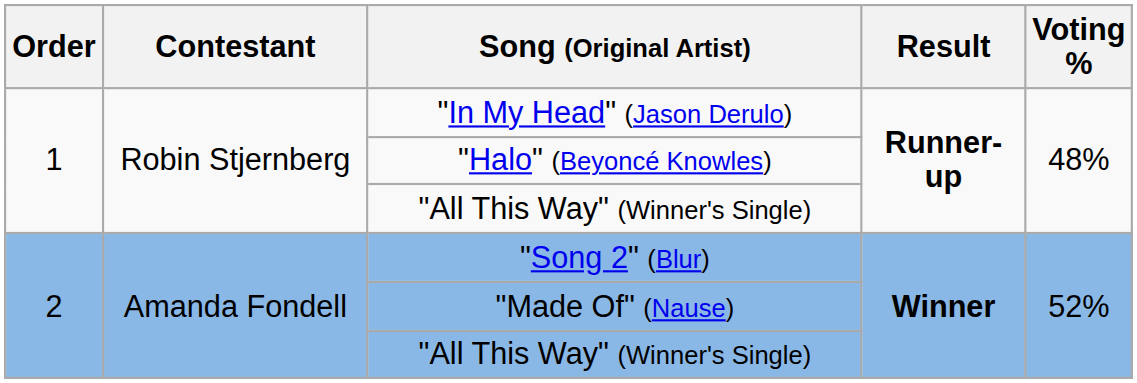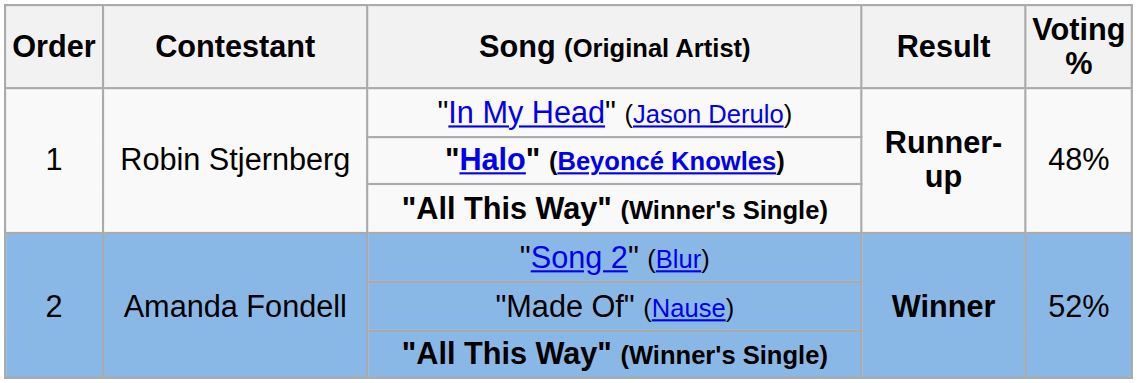 <table class="wikitable" style="font-size:90%; width:60%; text-align: center;">
 <tr>
 <th style="width:05%;">Order</th>
 <th style="width:25%;">Contestant</th>
 <th style="width:50%;">Song <small>(Original Artist)</small></th>
 <th style="width:15%;">Result</th>
 <th style="width:10%;">Voting %</th>
 </tr>
 <tr>
 <td rowspan=3 style="text-align:center;">1</td>
 <td rowspan=3>Robin Stjernberg</td>
 <td>"<a href='#'>In My Head</a>" <small>(<a href='#'>Jason Derulo</a>)</small></td>
 <td rowspan=3><strong>Runner-up</strong></td>
 <td rowspan=3>48%</td>
 </tr>
 <tr>
-<td>"<a href='#'>Halo</a>" <small>(<a href='#'>Beyoncé Knowles</a>)</small></td>
+<td><strong>"<a href='#'>Halo</a>" <small>(<a href='#'>Beyoncé Knowles</a>)</small></strong></td>
 </tr>
 <tr>
-<td>"All This Way" <small>(Winner's Single)</small></td>
+<td><strong>"All This Way" <small>(Winner's Single)</small></strong></td>
 </tr>
 <tr style="background:#8ab8e6;">
 <td rowspan=3 style="text-align:center;">2</td>
 <td rowspan=3>Amanda Fondell</td>
 <td>"<a href='#'>Song 2</a>" <small>(<a href='#'>Blur</a>)</small></td>
 <td rowspan=3><strong>Winner</strong></td>
 <td rowspan=3>52%</td>
 </tr>
 <tr style="background:#8ab8e6;">
 <td>"Made Of" <small>(<a href='#'>Nause</a>)</small></td>
 </tr>
 <tr style="background:#8ab8e6;">
-<td>"All This Way" <small>(Winner's Single)</small></td>
+<td><strong>"All This Way" <small>(Winner's Single)</small></strong></td>
 </tr>
 </table>
